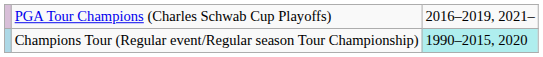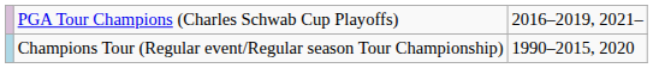 <table class="wikitable" style="font-size:95%">
 <tr>
 <td style="background:thistle"></td>
 <td><a href='#'>PGA Tour Champions</a> (Charles Schwab Cup Playoffs)</td>
 <td>2016–2019, 2021–</td>
 </tr>
 <tr>
 <td style="background:lightblue"></td>
 <td>Champions Tour (Regular event/Regular season Tour Championship)</td>
-<td style="background: paleturquoise;">1990–2015, 2020</td>
+<td>1990–2015, 2020</td>
 </tr>
 </table>
